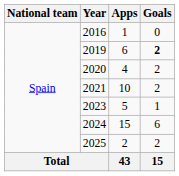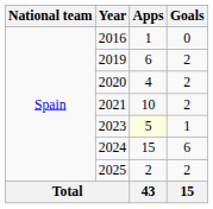 <table class="wikitable" style="text-align:center">
 <tr>
 <th>National team</th>
 <th>Year</th>
 <th>Apps</th>
 <th>Goals</th>
 </tr>
 <tr>
 <td rowspan="7"><a href='#'>Spain</a></td>
 <td>2016</td>
 <td>1</td>
 <td>0</td>
 </tr>
 <tr>
 <td>2019</td>
 <td>6</td>
-<td><strong>2</strong></td>
+<td>2</td>
 </tr>
 <tr>
 <td>2020</td>
 <td>4</td>
 <td>2</td>
 </tr>
 <tr>
 <td>2021</td>
 <td>10</td>
 <td>2</td>
 </tr>
 <tr>
 <td>2023</td>
-<td>5</td>
+<td style="background: lightyellow;">5</td>
 <td>1</td>
 </tr>
 <tr>
 <td>2024</td>
 <td>15</td>
 <td>6</td>
 </tr>
 <tr>
 <td>2025</td>
 <td>2</td>
 <td>2</td>
 </tr>
 <tr>
 <th colspan="2">Total</th>
 <th>43</th>
 <th>15</th>
 </tr>
 </table>
